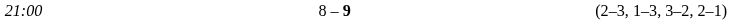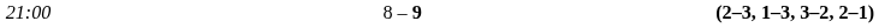 <table style="text-align:center">
 <tr>
 <th width=100></th>
 <th width=200></th>
 <th width=100></th>
 <th width=200></th>
 </tr>
 <tr>
 <td><em>21:00</em></td>
 <td align=right></td>
 <td>8 – <strong>9</strong></td>
 <td align=left><strong></strong></td>
-<td>(2–3, 1–3, 3–2, 2–1)</td>
+<td><strong>(2–3, 1–3, 3–2, 2–1)</strong></td>
 </tr>
 </table>
